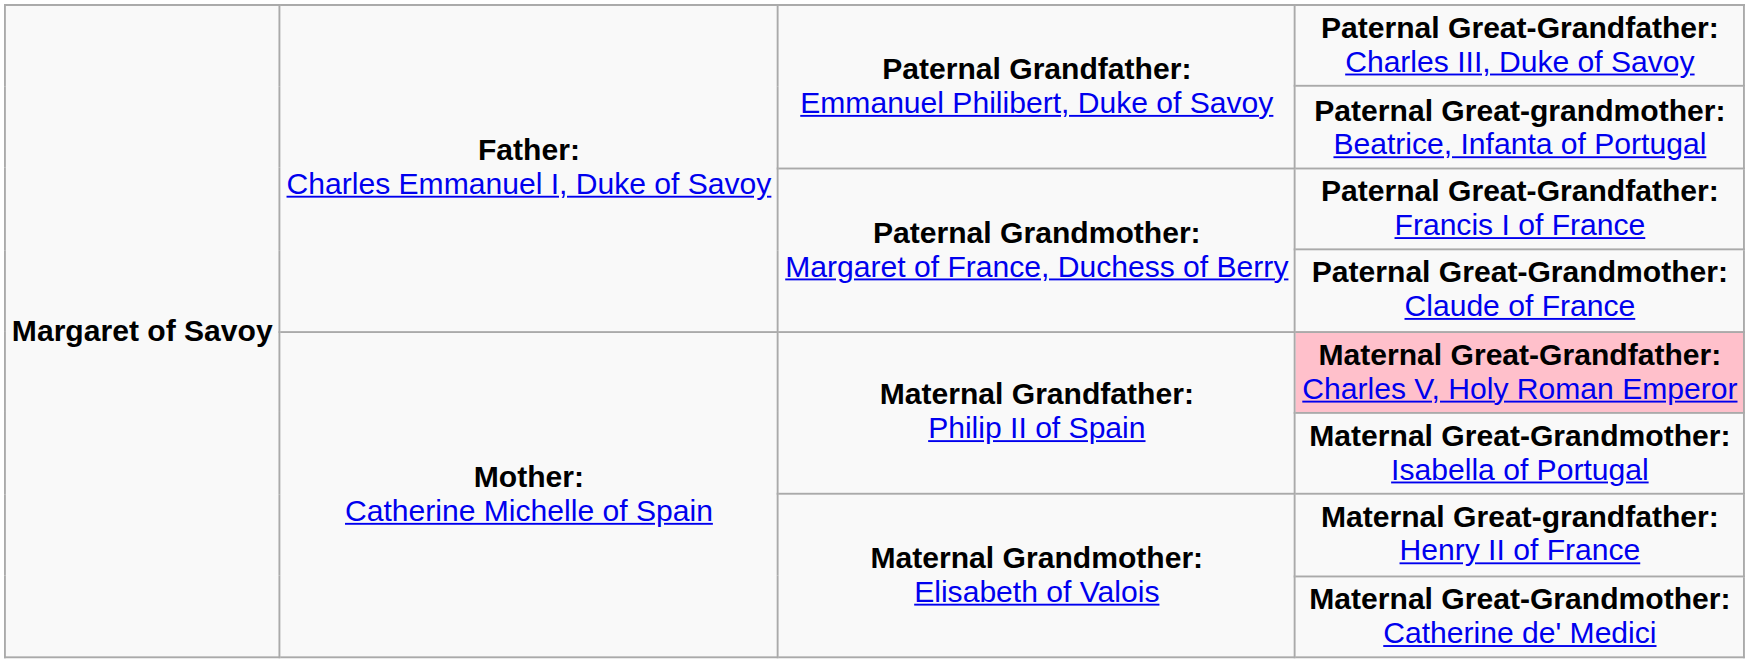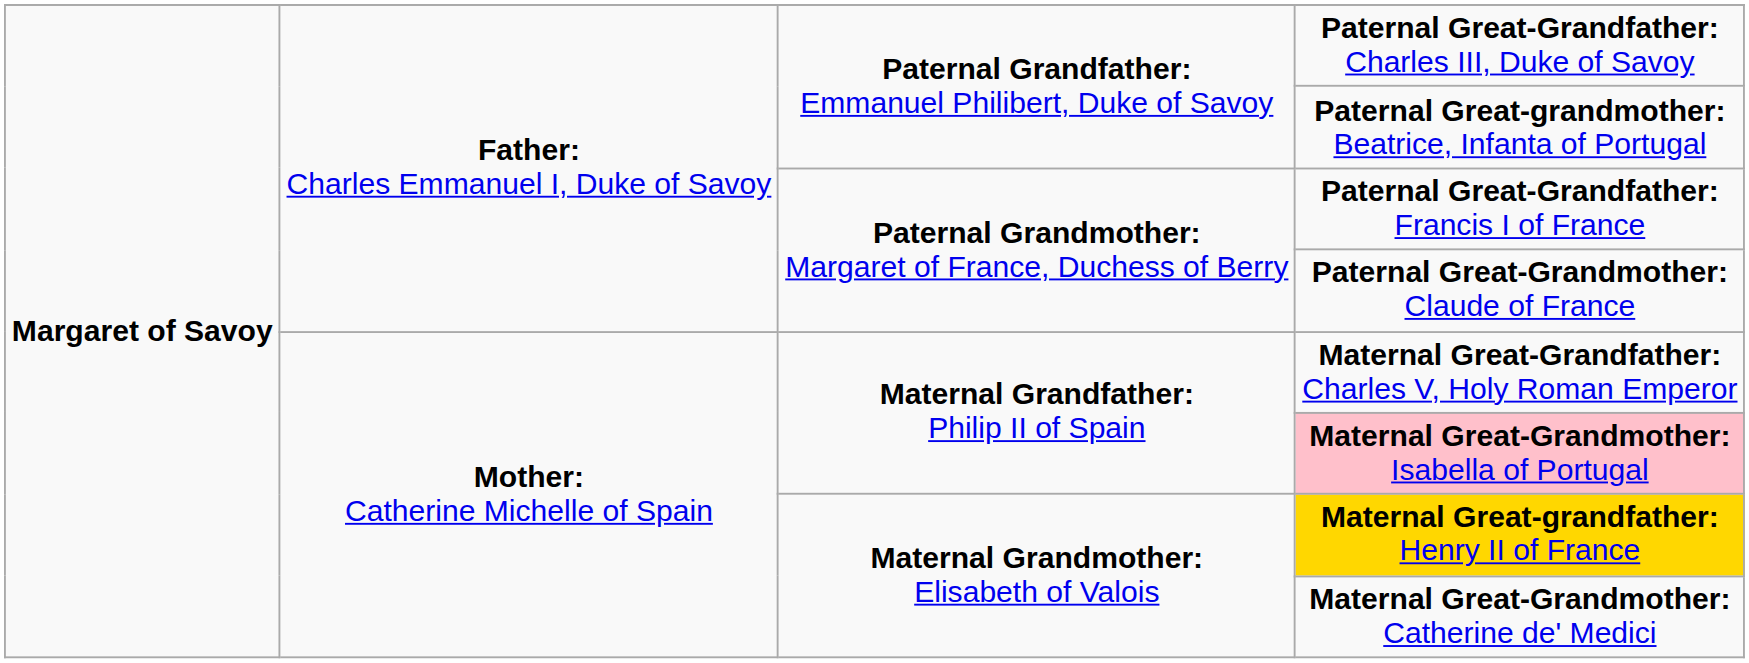 <table class="wikitable">
 <tr>
 </tr>
 <tr>
 <td rowspan="8" align="center"><strong>Margaret of Savoy</strong></td>
 <td rowspan="4" align="center"><strong>Father:</strong><br><a href='#'>Charles Emmanuel I, Duke of Savoy</a></td>
 <td rowspan="2" align="center"><strong>Paternal Grandfather:</strong><br><a href='#'>Emmanuel Philibert, Duke of Savoy</a></td>
 <td align="center"><strong>Paternal Great-Grandfather:</strong><br><a href='#'>Charles III, Duke of Savoy</a></td>
 </tr>
 <tr>
 <td align="center"><strong>Paternal Great-grandmother:</strong><br><a href='#'>Beatrice, Infanta of Portugal</a></td>
 </tr>
 <tr>
 <td rowspan="2" align="center"><strong>Paternal Grandmother:</strong><br><a href='#'>Margaret of France, Duchess of Berry</a></td>
 <td align="center"><strong>Paternal Great-Grandfather:</strong><br><a href='#'>Francis I of France</a></td>
 </tr>
 <tr>
 <td align="center"><strong>Paternal Great-Grandmother:</strong><br><a href='#'>Claude of France</a></td>
 </tr>
 <tr>
 <td rowspan="4" align="center"><strong>Mother:</strong><br><a href='#'>Catherine Michelle of Spain</a></td>
 <td rowspan="2" align="center"><strong>Maternal Grandfather:</strong><br><a href='#'>Philip II of Spain</a></td>
-<td align="center" style="background: pink;"><strong>Maternal Great-Grandfather:</strong><br><a href='#'>Charles V, Holy Roman Emperor</a></td>
+<td align="center"><strong>Maternal Great-Grandfather:</strong><br><a href='#'>Charles V, Holy Roman Emperor</a></td>
 </tr>
 <tr>
-<td align="center"><strong>Maternal Great-Grandmother:</strong><br><a href='#'>Isabella of Portugal</a></td>
+<td align="center" style="background: pink;"><strong>Maternal Great-Grandmother:</strong><br><a href='#'>Isabella of Portugal</a></td>
 </tr>
 <tr>
 <td rowspan="2" align="center"><strong>Maternal Grandmother:</strong><br><a href='#'>Elisabeth of Valois</a></td>
-<td align="center"><strong>Maternal Great-grandfather:</strong><br><a href='#'>Henry II of France</a></td>
+<td align="center" style="background: gold;"><strong>Maternal Great-grandfather:</strong><br><a href='#'>Henry II of France</a></td>
 </tr>
 <tr>
 <td align="center"><strong>Maternal Great-Grandmother:</strong><br><a href='#'>Catherine de' Medici</a></td>
 </tr>
 </table>
